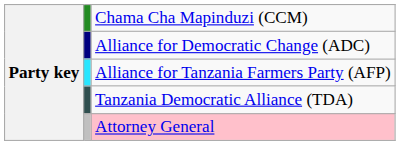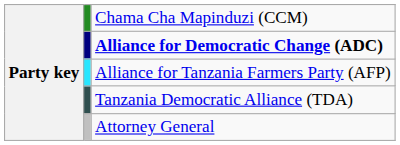 <table class=wikitable>
 <tr>
 <th rowspan= 6>Party key</th>
 <td style="background:#228B22"></td>
 <td><a href='#'>Chama Cha Mapinduzi</a> (CCM)</td>
 </tr>
 <tr>
 <td style="background:navy"></td>
-<td><a href='#'>Alliance for Democratic Change</a> (ADC)</td>
+<td><strong><a href='#'>Alliance for Democratic Change</a> (ADC)</strong></td>
 </tr>
 <tr>
 <td style="background:#28E6FF"></td>
 <td><a href='#'>Alliance for Tanzania Farmers Party</a> (AFP)</td>
 </tr>
 <tr>
 <td style="background:#2F4F4F"></td>
 <td><a href='#'>Tanzania Democratic Alliance</a> (TDA)</td>
 </tr>
 <tr>
 <td style="background:#C0C0C0"></td>
-<td style="background: pink;"><a href='#'>Attorney General</a></td>
+<td><a href='#'>Attorney General</a></td>
 </tr>
 </table>
